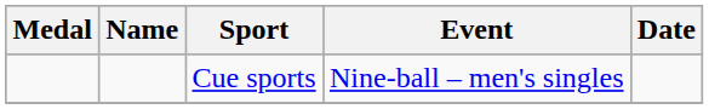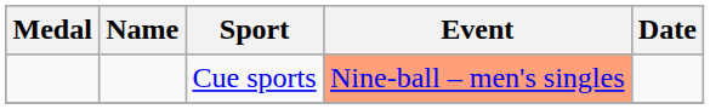 <table class="wikitable sortable" style="font-size:90%">
 <tr>
 <th>Medal</th>
 <th>Name</th>
 <th>Sport</th>
 <th>Event</th>
 <th>Date</th>
 </tr>
 <tr>
 <td></td>
 <td></td>
 <td><a href='#'>Cue sports</a></td>
-<td><a href='#'>Nine-ball – men's singles</a></td>
+<td style="background: lightsalmon;"><a href='#'>Nine-ball – men's singles</a></td>
 <td></td>
 </tr>
 <tr>
 </tr>
 </table>
